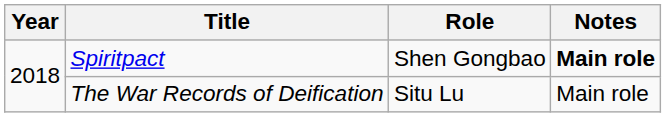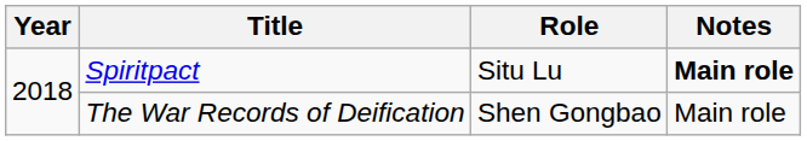 <table class="wikitable">
 <tr>
 <th>Year</th>
 <th>Title</th>
 <th>Role</th>
 <th class="unsortable">Notes</th>
 </tr>
 <tr>
 <td rowspan=2>2018</td>
 <td><em><a href='#'>Spiritpact</a></em></td>
-<td>Shen Gongbao</td>
+<td>Situ Lu</td>
 <td><strong>Main role</strong></td>
 </tr>
 <tr>
 <td><em>The War Records of Deification</em></td>
-<td>Situ Lu</td>
+<td>Shen Gongbao</td>
 <td>Main role</td>
 </tr>
 </table>
